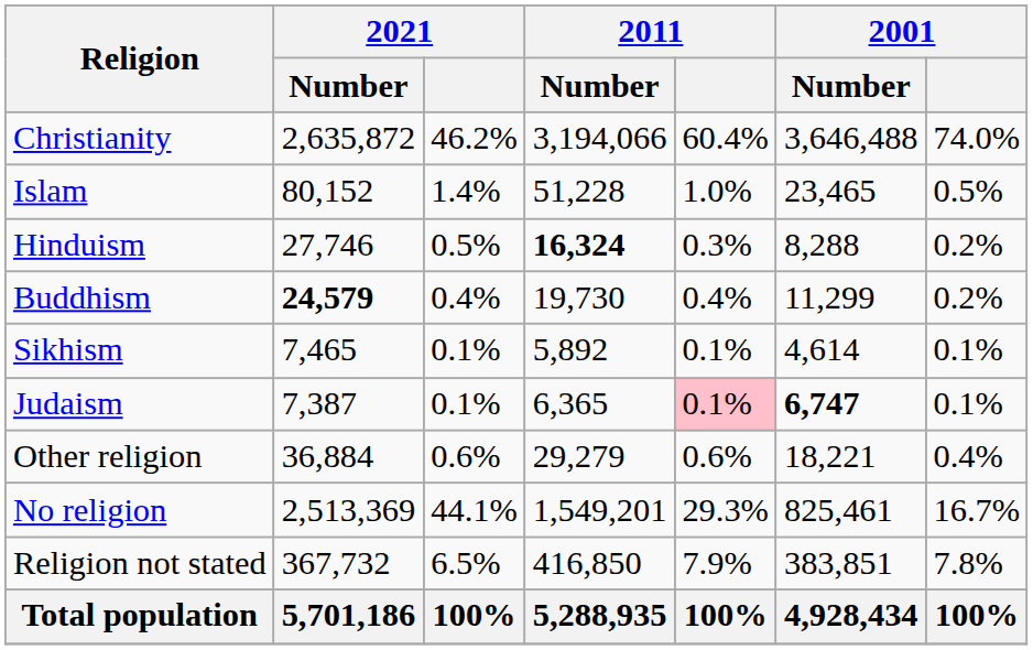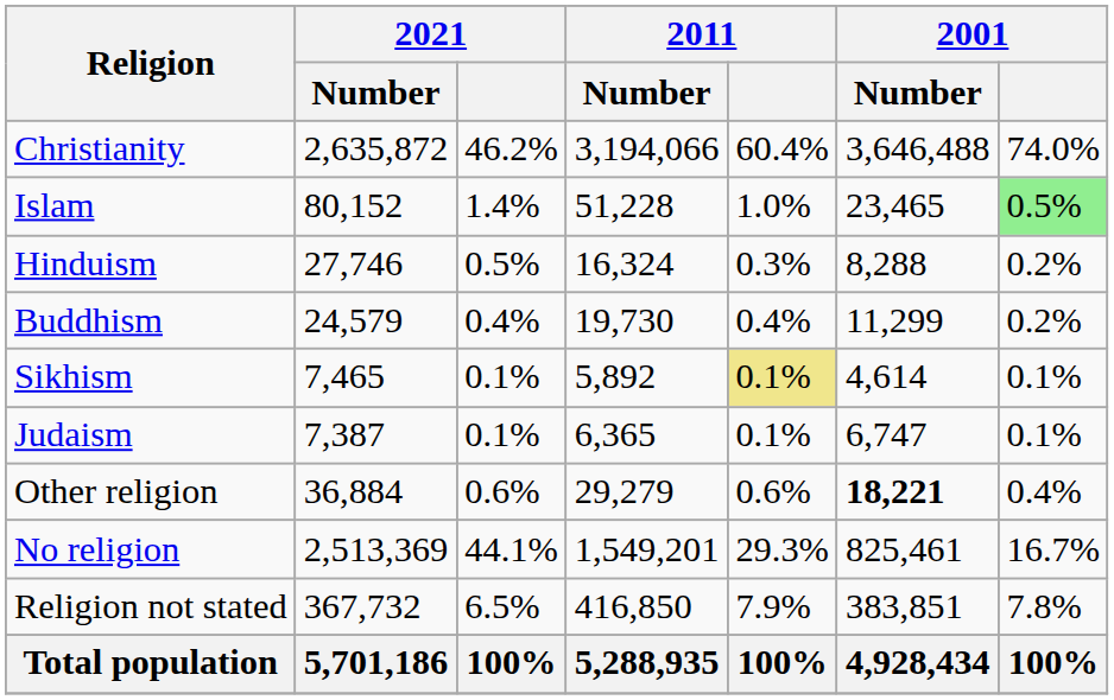 <table class="wikitable sortable">
 <tr>
 <th rowspan="2">Religion</th>
 <th colspan="2"><a href='#'>2021</a></th>
 <th colspan="2"><a href='#'>2011</a></th>
 <th colspan="2"><a href='#'>2001</a></th>
 </tr>
 <tr>
 <th>Number</th>
 <th></th>
 <th>Number</th>
 <th></th>
 <th>Number</th>
 <th></th>
 </tr>
 <tr>
 <td><a href='#'>Christianity</a></td>
 <td>2,635,872</td>
 <td>46.2%</td>
 <td>3,194,066</td>
 <td>60.4%</td>
 <td>3,646,488</td>
 <td>74.0%</td>
 </tr>
 <tr>
 <td><a href='#'>Islam</a></td>
 <td>80,152</td>
 <td>1.4%</td>
 <td>51,228</td>
 <td>1.0%</td>
 <td>23,465</td>
-<td>0.5%</td>
+<td style="background: lightgreen;">0.5%</td>
 </tr>
 <tr>
 <td><a href='#'>Hinduism</a></td>
 <td>27,746</td>
 <td>0.5%</td>
-<td><strong>16,324</strong></td>
+<td>16,324</td>
 <td>0.3%</td>
 <td>8,288</td>
 <td>0.2%</td>
 </tr>
 <tr>
 <td><a href='#'>Buddhism</a></td>
-<td><strong>24,579</strong></td>
+<td>24,579</td>
 <td>0.4%</td>
 <td>19,730</td>
 <td>0.4%</td>
 <td>11,299</td>
 <td>0.2%</td>
 </tr>
 <tr>
 <td><a href='#'>Sikhism</a></td>
 <td>7,465</td>
 <td>0.1%</td>
 <td>5,892</td>
-<td>0.1%</td>
+<td style="background: khaki;">0.1%</td>
 <td>4,614</td>
 <td>0.1%</td>
 </tr>
 <tr>
 <td><a href='#'>Judaism</a></td>
 <td>7,387</td>
 <td>0.1%</td>
 <td>6,365</td>
-<td style="background: pink;">0.1%</td>
-<td><strong>6,747</strong></td>
+<td>0.1%</td>
+<td>6,747</td>
 <td>0.1%</td>
 </tr>
 <tr>
 <td>Other religion</td>
 <td>36,884</td>
 <td>0.6%</td>
 <td>29,279</td>
 <td>0.6%</td>
-<td>18,221</td>
+<td><strong>18,221</strong></td>
 <td>0.4%</td>
 </tr>
 <tr>
 <td><a href='#'>No religion</a></td>
 <td>2,513,369</td>
 <td>44.1%</td>
 <td>1,549,201</td>
 <td>29.3%</td>
 <td>825,461</td>
 <td>16.7%</td>
 </tr>
 <tr>
 <td>Religion not stated</td>
 <td>367,732</td>
 <td>6.5%</td>
 <td>416,850</td>
 <td>7.9%</td>
 <td>383,851</td>
 <td>7.8%</td>
 </tr>
 <tr>
 <th>Total population</th>
 <th><strong>5,701,186</strong></th>
 <th><strong>100%</strong></th>
 <th><strong>5,288,935</strong></th>
 <th><strong>100%</strong></th>
 <th><strong>4,928,434</strong></th>
 <th><strong>100%</strong></th>
 </tr>
 <tr>
 </tr>
 </table>
